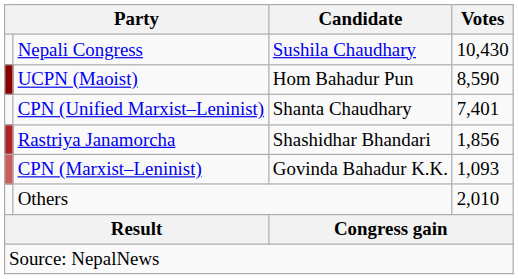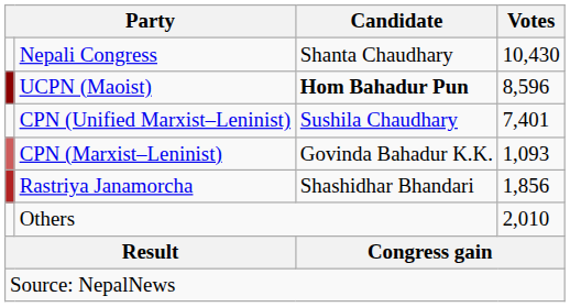 <table class="wikitable">
 <tr>
 <th colspan="2">Party</th>
 <th>Candidate</th>
 <th>Votes</th>
 </tr>
 <tr>
 <td style="background-color:"></td>
 <td><a href='#'>Nepali Congress</a></td>
-<td><a href='#'>Sushila Chaudhary</a></td>
+<td>Shanta Chaudhary</td>
 <td>10,430</td>
 </tr>
 <tr>
 <td style="background-color:darkred"></td>
 <td><a href='#'>UCPN (Maoist)</a></td>
-<td>Hom Bahadur Pun</td>
-<td>8,590</td>
+<td><strong>Hom Bahadur Pun</strong></td>
+<td>8,596</td>
 </tr>
 <tr>
 <td style="background-color:"></td>
 <td><a href='#'>CPN (Unified Marxist–Leninist)</a></td>
-<td>Shanta Chaudhary</td>
+<td><a href='#'>Sushila Chaudhary</a></td>
 <td>7,401</td>
+</tr>
+<tr>
+<td style="background-color:indianred"></td>
+<td><a href='#'>CPN (Marxist–Leninist)</a></td>
+<td>Govinda Bahadur K.K.</td>
+<td>1,093</td>
 </tr>
 <tr>
 <td style="background-color:firebrick"></td>
 <td><a href='#'>Rastriya Janamorcha</a></td>
 <td>Shashidhar Bhandari</td>
 <td>1,856</td>
-</tr>
-<tr>
-<td style="background-color:indianred"></td>
-<td><a href='#'>CPN (Marxist–Leninist)</a></td>
-<td>Govinda Bahadur K.K.</td>
-<td>1,093</td>
 </tr>
 <tr>
 <td></td>
 <td colspan="2">Others</td>
 <td>2,010</td>
 </tr>
 <tr>
 <th colspan="2">Result</th>
 <th colspan="2">Congress gain</th>
 </tr>
 <tr>
 <td colspan="4">Source: NepalNews</td>
 </tr>
 </table>
